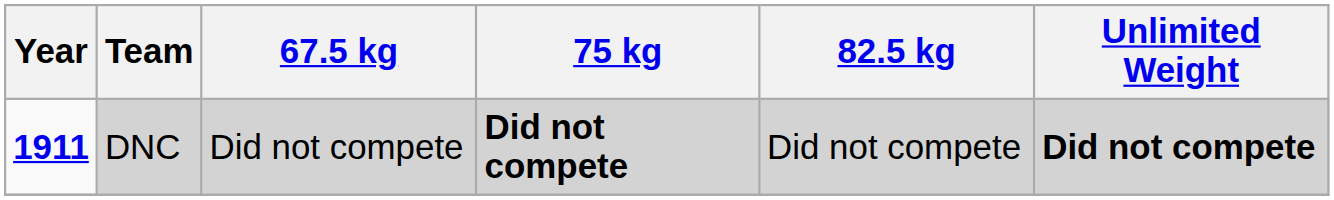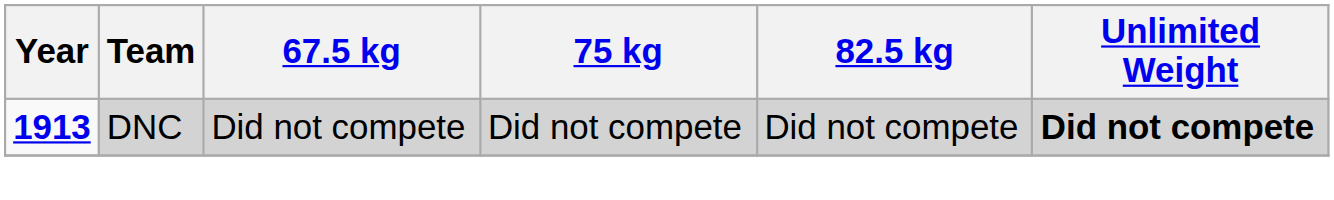 <table class="wikitable sortable" style="font-size: 100%">
 <tr>
 <th>Year</th>
 <th>Team</th>
 <th width=300><a href='#'>67.5 kg</a></th>
 <th width=300><a href='#'>75 kg</a></th>
 <th width=300><a href='#'>82.5 kg</a></th>
 <th width=300><a href='#'>Unlimited Weight</a></th>
 </tr>
 <tr>
-<td><strong><a href='#'>1911</a></strong></td>
+<td><strong><a href='#'>1913</a></strong></td>
 <td bgcolor="lightgray">DNC</td>
 <td bgcolor="lightgray">Did not compete</td>
-<td bgcolor="lightgray"><strong>Did not compete</strong></td>
+<td bgcolor="lightgray">Did not compete</td>
 <td bgcolor="lightgray">Did not compete</td>
 <td bgcolor="lightgray"><strong>Did not compete</strong></td>
 </tr>
 <tr>
 </tr>
 </table>
